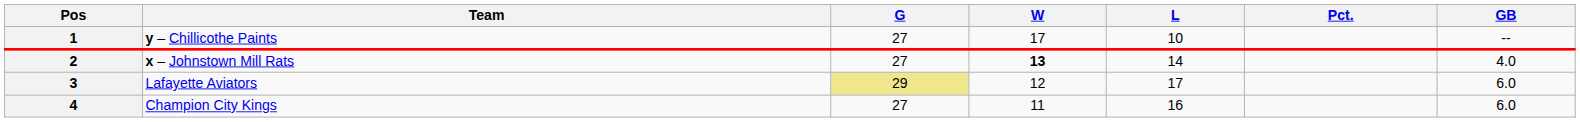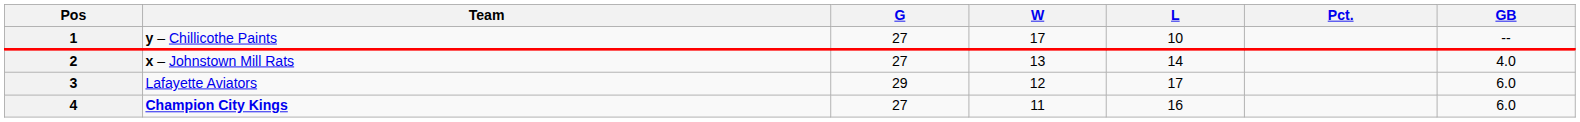 <table class="wikitable plainrowheaders" width="90%" style="text-align:center;">
 <tr>
 <th scope="col" width="5%">Pos</th>
 <th scope="col" width="25%">Team</th>
 <th scope="col" width="5%"><a href='#'>G</a></th>
 <th scope="col" width="5%"><a href='#'>W</a></th>
 <th scope="col" width="5%"><a href='#'>L</a></th>
 <th scope="col" width="7%"><a href='#'>Pct.</a></th>
 <th scope="col" width="5%"><a href='#'>GB</a></th>
 </tr>
 <tr>
 <th>1</th>
 <td style="text-align:left;"><strong>y</strong> – <a href='#'>Chillicothe Paints</a></td>
 <td>27</td>
 <td>17</td>
 <td>10</td>
 <td></td>
 <td>--</td>
 </tr>
 <tr>
 </tr>
 <tr |- style="border-top:3px solid red;">
 <th>2</th>
 <td style="text-align:left;"><strong>x</strong> – <a href='#'>Johnstown Mill Rats</a></td>
 <td>27</td>
-<td><strong>13</strong></td>
+<td>13</td>
 <td>14</td>
 <td></td>
 <td>4.0</td>
 </tr>
 <tr>
 <th>3</th>
 <td style="text-align:left;"><a href='#'>Lafayette Aviators</a></td>
-<td style="background: khaki;">29</td>
+<td>29</td>
 <td>12</td>
 <td>17</td>
 <td></td>
 <td>6.0</td>
 </tr>
 <tr>
 <th>4</th>
-<td style="text-align:left;"><a href='#'>Champion City Kings</a></td>
+<td style="text-align:left;"><strong><a href='#'>Champion City Kings</a></strong></td>
 <td>27</td>
 <td>11</td>
 <td>16</td>
 <td></td>
 <td>6.0</td>
 </tr>
 </table>
